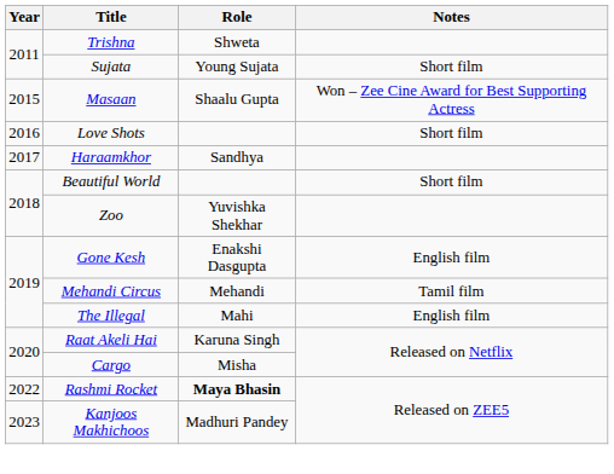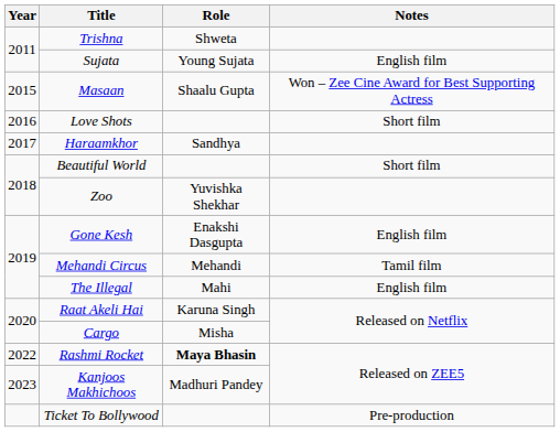 <table class="wikitable sortable" style="width: 100%; text-align: center;">
 <tr>
 <th>Year</th>
 <th>Title</th>
 <th>Role</th>
 <th>Notes</th>
 </tr>
 <tr>
 <td rowspan="2">2011</td>
 <td><em><a href='#'>Trishna</a></em></td>
 <td>Shweta</td>
 <td></td>
 </tr>
 <tr>
 <td><em>Sujata</em></td>
 <td>Young Sujata</td>
-<td>Short film</td>
+<td>English film</td>
 </tr>
 <tr>
 <td>2015</td>
 <td><em><a href='#'>Masaan</a></em></td>
 <td>Shaalu Gupta</td>
 <td>Won – <a href='#'>Zee Cine Award for Best Supporting Actress</a></td>
 </tr>
 <tr>
 <td>2016</td>
 <td><em>Love Shots</em></td>
 <td></td>
 <td>Short film</td>
 </tr>
 <tr>
 <td>2017</td>
 <td><em><a href='#'>Haraamkhor</a></em></td>
 <td>Sandhya</td>
 <td></td>
 </tr>
 <tr>
 <td rowspan="2">2018</td>
 <td><em>Beautiful World</em></td>
 <td></td>
 <td>Short film</td>
 </tr>
 <tr>
 <td><em>Zoo</em></td>
 <td>Yuvishka Shekhar</td>
 <td></td>
 </tr>
 <tr>
 <td rowspan="3">2019</td>
 <td><em><a href='#'>Gone Kesh</a></em></td>
 <td>Enakshi Dasgupta</td>
 <td>English film</td>
 </tr>
 <tr>
 <td><em><a href='#'>Mehandi Circus</a></em></td>
 <td>Mehandi</td>
 <td>Tamil film</td>
 </tr>
 <tr>
 <td><em><a href='#'>The Illegal</a></em></td>
 <td>Mahi</td>
 <td>English film</td>
 </tr>
 <tr>
 <td rowspan="2">2020</td>
 <td><em><a href='#'>Raat Akeli Hai</a></em></td>
 <td>Karuna Singh</td>
 <td rowspan="2">Released on <a href='#'>Netflix</a></td>
 </tr>
 <tr>
 <td><em><a href='#'>Cargo</a></em></td>
 <td>Misha</td>
 </tr>
 <tr>
 <td>2022</td>
 <td><em><a href='#'>Rashmi Rocket</a></em></td>
 <td><strong>Maya Bhasin</strong></td>
 <td rowspan="2">Released on <a href='#'>ZEE5</a></td>
 </tr>
 <tr>
 <td>2023</td>
 <td><em><a href='#'>Kanjoos Makhichoos</a></em></td>
 <td>Madhuri Pandey</td>
 </tr>
+<tr>
+<td></td>
+<td><em>Ticket To Bollywood</em></td>
+<td></td>
+<td>Pre-production</td>
+</tr>
 </table>
